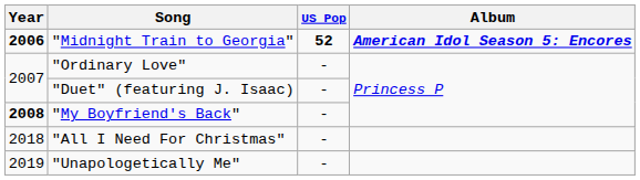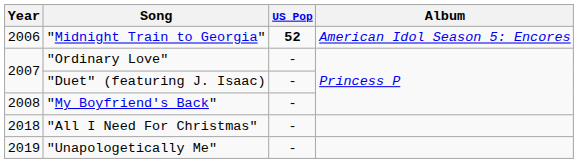 <table class="wikitable">
 <tr>
 <th>Year</th>
 <th>Song</th>
 <th><small><a href='#'>US Pop</a></small></th>
 <th>Album</th>
 </tr>
 <tr>
-<td><strong>2006</strong></td>
+<td>2006</td>
 <td>"<a href='#'>Midnight Train to Georgia</a>"</td>
 <td style="text-align:center;"><strong>52</strong></td>
-<td><strong><em><a href='#'>American Idol Season 5: Encores</a></em></strong></td>
+<td><em><a href='#'>American Idol Season 5: Encores</a></em></td>
 </tr>
 <tr>
 <td rowspan="2">2007</td>
 <td>"Ordinary Love"</td>
 <td style="text-align:center;">-</td>
 <td rowspan="3"><em><a href='#'>Princess P</a></em></td>
 </tr>
 <tr>
 <td>"Duet" (featuring J. Isaac)</td>
 <td style="text-align:center;">-</td>
 </tr>
 <tr>
-<td><strong>2008</strong></td>
+<td>2008</td>
 <td>"<a href='#'>My Boyfriend's Back</a>"</td>
 <td style="text-align:center;">-</td>
 </tr>
 <tr>
 <td>2018</td>
 <td>"All I Need For Christmas"</td>
 <td style="text-align:center;">-</td>
 <td></td>
 </tr>
 <tr>
 <td>2019</td>
 <td>"Unapologetically Me"</td>
 <td style="text-align:center;">-</td>
 <td></td>
 </tr>
 </table>
